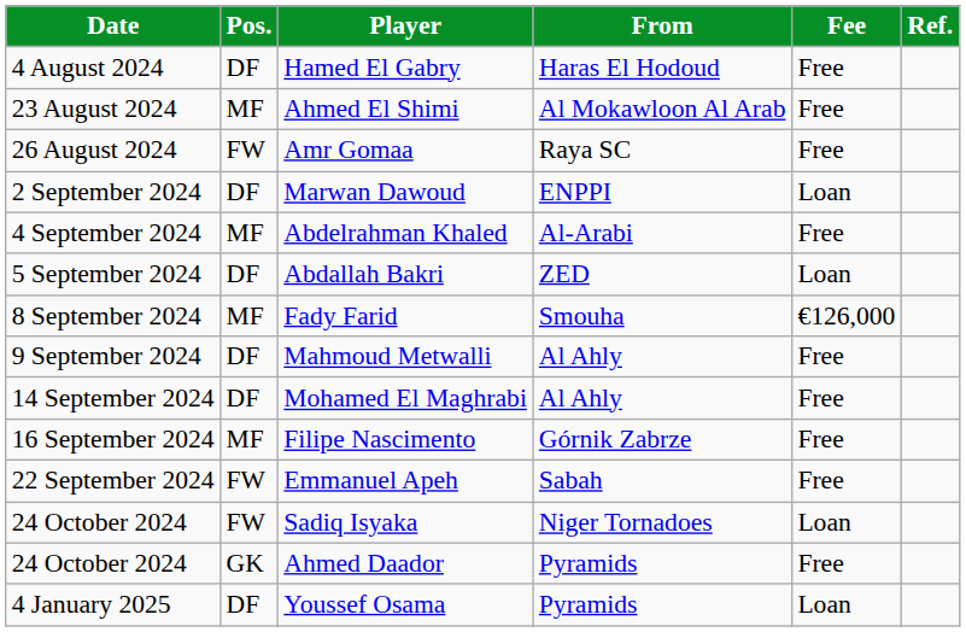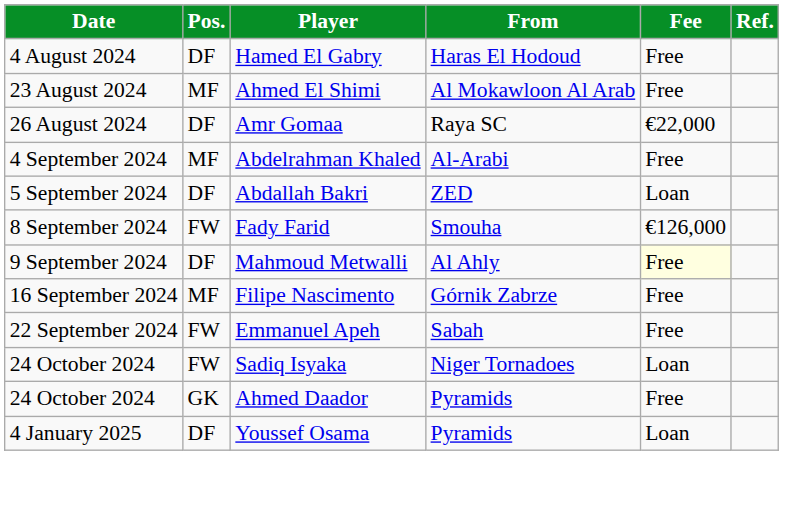 <table class="wikitable plainrowheaders sortable">
 <tr>
 <th style="background:#068f26; color:#ffffff; ">Date</th>
 <th style="background:#068f26; color:#ffffff; ">Pos.</th>
 <th style="background:#068f26; color:#ffffff; ">Player</th>
 <th style="background:#068f26; color:#ffffff; ">From</th>
 <th style="background:#068f26; color:#ffffff; ">Fee</th>
 <th style="background:#068f26; color:#ffffff; ">Ref.</th>
 </tr>
 <tr>
 <td>4 August 2024</td>
 <td>DF</td>
 <td> <a href='#'>Hamed El Gabry</a></td>
 <td> <a href='#'>Haras El Hodoud</a></td>
 <td>Free</td>
 <td></td>
 </tr>
 <tr>
 <td>23 August 2024</td>
 <td>MF</td>
 <td> <a href='#'>Ahmed El Shimi</a></td>
 <td> <a href='#'>Al Mokawloon Al Arab</a></td>
 <td>Free</td>
 <td></td>
 </tr>
 <tr>
 <td>26 August 2024</td>
-<td>FW</td>
+<td>DF</td>
 <td> <a href='#'>Amr Gomaa</a></td>
 <td> Raya SC</td>
-<td>Free</td>
-<td></td>
-</tr>
-<tr>
-<td>2 September 2024</td>
-<td>DF</td>
-<td> <a href='#'>Marwan Dawoud</a></td>
-<td> <a href='#'>ENPPI</a></td>
-<td>Loan</td>
+<td>€22,000</td>
 <td></td>
 </tr>
 <tr>
 <td>4 September 2024</td>
 <td>MF</td>
 <td> <a href='#'>Abdelrahman Khaled</a></td>
 <td> <a href='#'>Al-Arabi</a></td>
 <td>Free</td>
 <td></td>
 </tr>
 <tr>
 <td>5 September 2024</td>
 <td>DF</td>
 <td> <a href='#'>Abdallah Bakri</a></td>
 <td> <a href='#'>ZED</a></td>
 <td>Loan</td>
 <td></td>
 </tr>
 <tr>
 <td>8 September 2024</td>
-<td>MF</td>
+<td>FW</td>
 <td> <a href='#'>Fady Farid</a></td>
 <td> <a href='#'>Smouha</a></td>
 <td>€126,000</td>
 <td></td>
 </tr>
 <tr>
 <td>9 September 2024</td>
 <td>DF</td>
 <td> <a href='#'>Mahmoud Metwalli</a></td>
 <td> <a href='#'>Al Ahly</a></td>
-<td>Free</td>
-<td></td>
-</tr>
-<tr>
-<td>14 September 2024</td>
-<td>DF</td>
-<td> <a href='#'>Mohamed El Maghrabi</a></td>
-<td> <a href='#'>Al Ahly</a></td>
-<td>Free</td>
+<td style="background: lightyellow;">Free</td>
 <td></td>
 </tr>
 <tr>
 <td>16 September 2024</td>
 <td>MF</td>
 <td> <a href='#'>Filipe Nascimento</a></td>
 <td> <a href='#'>Górnik Zabrze</a></td>
 <td>Free</td>
 <td></td>
 </tr>
 <tr>
 <td>22 September 2024</td>
 <td>FW</td>
 <td> <a href='#'>Emmanuel Apeh</a></td>
 <td> <a href='#'>Sabah</a></td>
 <td>Free</td>
 <td></td>
 </tr>
 <tr>
 <td>24 October 2024</td>
 <td>FW</td>
 <td> <a href='#'>Sadiq Isyaka</a></td>
 <td> <a href='#'>Niger Tornadoes</a></td>
 <td>Loan</td>
 <td></td>
 </tr>
 <tr>
 <td>24 October 2024</td>
 <td>GK</td>
 <td> <a href='#'>Ahmed Daador</a></td>
 <td> <a href='#'>Pyramids</a></td>
 <td>Free</td>
 <td></td>
 </tr>
 <tr>
 <td>4 January 2025</td>
 <td>DF</td>
 <td> <a href='#'>Youssef Osama</a></td>
 <td> <a href='#'>Pyramids</a></td>
 <td>Loan</td>
 <td></td>
 </tr>
 </table>
